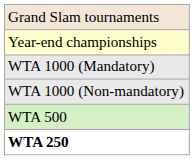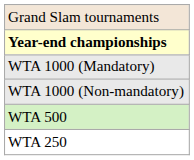 <table class="wikitable nowrap" style=font-size:90%;width:14%>
 <tr style="background:#F3E6D7;">
 <td>Grand Slam tournaments</td>
 </tr>
 <tr style="background:#ffc;">
-<td>Year-end championships</td>
+<td><strong>Year-end championships</strong></td>
 </tr>
 <tr style="background:#e9e9e9;">
 <td>WTA 1000 (Mandatory)</td>
 </tr>
 <tr style="background:#E9E9E9;">
 <td>WTA 1000 (Non-mandatory)</td>
 </tr>
 <tr style="background:#D4F1C5;">
 <td>WTA 500</td>
 </tr>
 <tr style="background:#fff;">
-<td><strong>WTA 250</strong></td>
+<td>WTA 250</td>
 </tr>
 </table>
